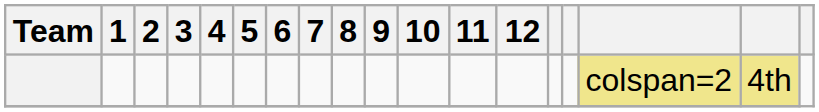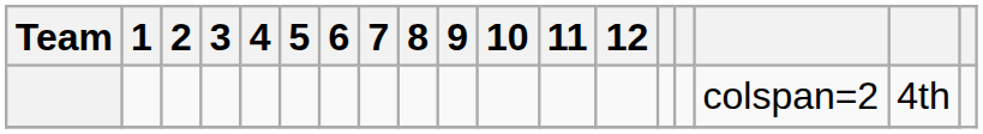 <table class="wikitable" style="font-size:85%; text-align:center;">
 <tr>
 <th>Team</th>
 <th>1</th>
 <th>2</th>
 <th>3</th>
 <th>4</th>
 <th>5</th>
 <th>6</th>
 <th>7</th>
 <th>8</th>
 <th>9</th>
 <th>10</th>
 <th>11</th>
 <th>12</th>
 <th></th>
 <th></th>
 <th></th>
 <th></th>
 <th></th>
 </tr>
 <tr>
 <th align="left"></th>
 <td></td>
 <td></td>
 <td></td>
 <td></td>
 <td></td>
 <td></td>
 <td></td>
 <td></td>
 <td></td>
 <td></td>
 <td></td>
 <td></td>
 <td></td>
 <td></td>
-<td style="background: khaki;">colspan=2 </td>
-<td style="background: khaki;">4th</td>
+<td>colspan=2 </td>
+<td>4th</td>
 </tr>
 <tr>
 </tr>
 </table>
